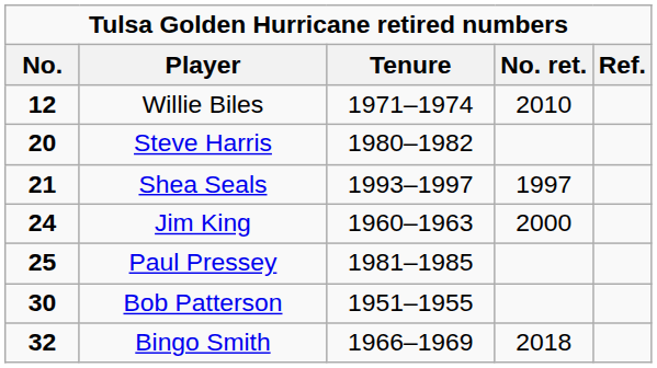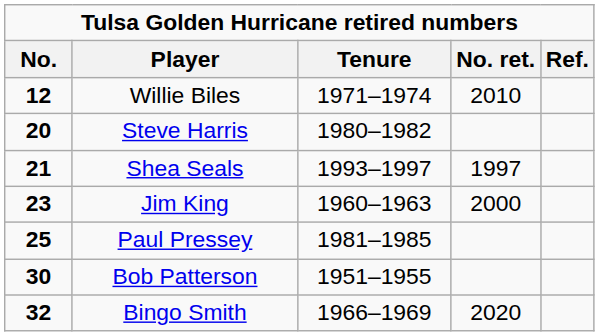 <table class="wikitable sortable" style="text-align:center">
 <tr>
 <td colspan=6><strong>Tulsa Golden Hurricane retired numbers</strong></td>
 </tr>
 <tr>
 <th width=40px>No.</th>
 <th width=150px>Player</th>
 <th width=100px>Tenure</th>
 <th width=px>No. ret.</th>
 <th width=px>Ref.</th>
 </tr>
 <tr>
 <td><strong>12</strong></td>
 <td>Willie Biles</td>
 <td>1971–1974</td>
 <td>2010</td>
 <td></td>
 </tr>
 <tr>
 <td><strong>20</strong></td>
 <td><a href='#'>Steve Harris</a></td>
 <td>1980–1982</td>
 <td></td>
 <td></td>
 </tr>
 <tr>
 <td><strong>21</strong></td>
 <td><a href='#'>Shea Seals</a></td>
 <td>1993–1997</td>
 <td>1997</td>
 <td></td>
 </tr>
 <tr>
-<td><strong>24</strong></td>
+<td><strong>23</strong></td>
 <td><a href='#'>Jim King</a></td>
 <td>1960–1963</td>
 <td>2000</td>
 <td></td>
 </tr>
 <tr>
 <td><strong>25</strong></td>
 <td><a href='#'>Paul Pressey</a></td>
 <td>1981–1985</td>
 <td></td>
 <td></td>
 </tr>
 <tr>
 <td><strong>30</strong></td>
 <td><a href='#'>Bob Patterson</a></td>
 <td>1951–1955</td>
 <td></td>
 <td></td>
 </tr>
 <tr>
 <td><strong>32</strong></td>
 <td><a href='#'>Bingo Smith</a></td>
 <td>1966–1969</td>
-<td>2018</td>
+<td>2020</td>
 <td></td>
 </tr>
 </table>
